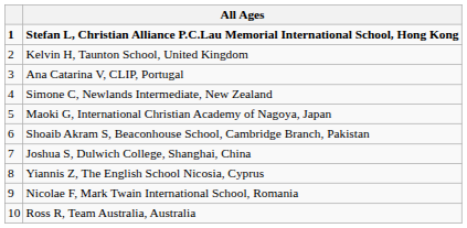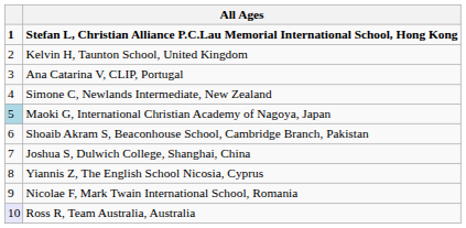 <table class="wikitable sortable">
 <tr>
 <th></th>
 <th><strong>All Ages</strong></th>
 </tr>
 <tr>
 <td><strong>1</strong></td>
 <td><strong>Stefan L, Christian Alliance P.C.Lau Memorial International School,  Hong Kong</strong></td>
 </tr>
 <tr>
 <td>2</td>
 <td>Kelvin H, Taunton School, United Kingdom</td>
 </tr>
 <tr>
 <td>3</td>
 <td>Ana Catarina V, CLIP, Portugal</td>
 </tr>
 <tr>
 <td>4</td>
 <td>Simone C, Newlands Intermediate, New Zealand</td>
 </tr>
 <tr>
-<td>5</td>
+<td style="background: lightblue;">5</td>
 <td>Maoki G, International Christian Academy of Nagoya, Japan</td>
 </tr>
 <tr>
 <td>6</td>
 <td>Shoaib Akram S, Beaconhouse School, Cambridge Branch, Pakistan</td>
 </tr>
 <tr>
 <td>7</td>
 <td>Joshua S, Dulwich College, Shanghai, China</td>
 </tr>
 <tr>
 <td>8</td>
 <td>Yiannis Z, The English School Nicosia, Cyprus</td>
 </tr>
 <tr>
 <td>9</td>
 <td>Nicolae F, Mark Twain International School, Romania</td>
 </tr>
 <tr>
-<td>10</td>
+<td style="background: lavender;">10</td>
 <td>Ross R, Team Australia, Australia</td>
 </tr>
 </table>
